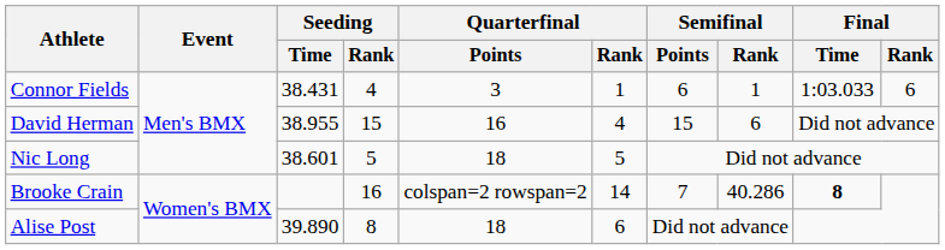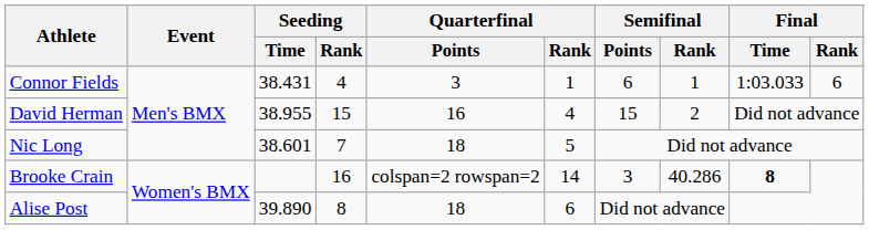 <table class=wikitable style=font-size:90%;text-align:center>
 <tr>
 <th rowspan=2>Athlete</th>
 <th rowspan=2>Event</th>
 <th colspan=2>Seeding</th>
 <th colspan=2>Quarterfinal</th>
 <th colspan=2>Semifinal</th>
 <th colspan=2>Final</th>
 </tr>
 <tr style=font-size:95%>
 <th>Time</th>
 <th>Rank</th>
 <th>Points</th>
 <th>Rank</th>
 <th>Points</th>
 <th>Rank</th>
 <th>Time</th>
 <th>Rank</th>
 </tr>
 <tr>
 <td align=left><a href='#'>Connor Fields</a></td>
 <td align=left rowspan=3><a href='#'>Men's BMX</a></td>
 <td>38.431</td>
 <td>4</td>
 <td>3</td>
 <td>1 </td>
 <td>6</td>
 <td>1 </td>
 <td>1:03.033</td>
 <td>6</td>
 </tr>
 <tr>
 <td align=left><a href='#'>David Herman</a></td>
 <td>38.955</td>
 <td>15</td>
 <td>16</td>
 <td>4 </td>
 <td>15</td>
-<td>6</td>
+<td>2</td>
 <td colspan=2>Did not advance</td>
 </tr>
 <tr>
 <td align=left><a href='#'>Nic Long</a></td>
 <td>38.601</td>
-<td>5</td>
+<td>7</td>
 <td>18</td>
 <td>5</td>
 <td colspan=4>Did not advance</td>
 </tr>
 <tr>
 <td align=left><a href='#'>Brooke Crain</a></td>
 <td align=left rowspan=2><a href='#'>Women's BMX</a></td>
 <td></td>
 <td>16</td>
 <td>colspan=2 rowspan=2 </td>
 <td>14</td>
-<td>7 </td>
+<td>3 </td>
 <td>40.286</td>
 <td><strong>8</strong></td>
 </tr>
 <tr>
 <td align=left><a href='#'>Alise Post</a></td>
 <td>39.890</td>
 <td>8</td>
 <td>18</td>
 <td>6</td>
 <td colspan=2>Did not advance</td>
 </tr>
 </table>
